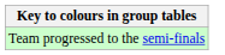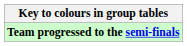 <table class="wikitable">
 <tr>
 <th>Key to colours in group tables</th>
 </tr>
 <tr style="background:#cfc;">
-<td>Team progressed to the <a href='#'>semi-finals</a></td>
+<td><strong>Team progressed to the <a href='#'>semi-finals</a></strong></td>
 </tr>
 </table>
